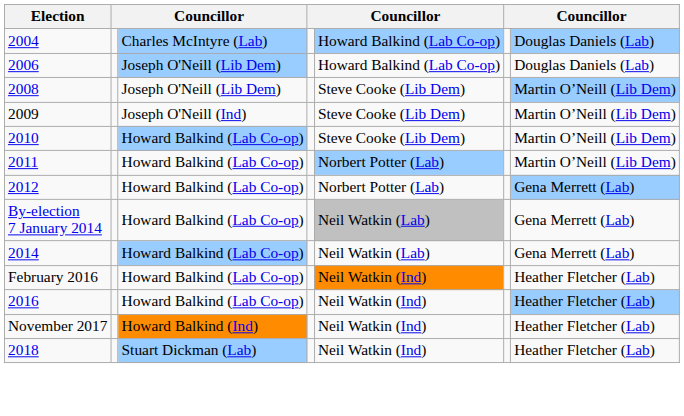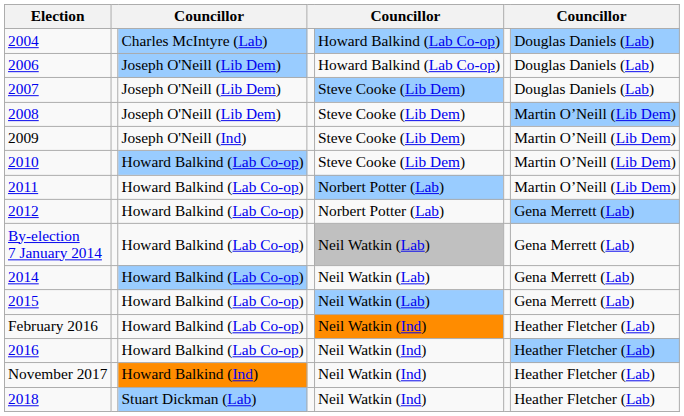 <table class="wikitable">
 <tr>
 <th>Election</th>
 <th colspan="2">Councillor</th>
 <th colspan="2">Councillor</th>
 <th colspan="2">Councillor</th>
 </tr>
 <tr>
 <td><a href='#'>2004</a></td>
 <td style="background-color: "></td>
 <td bgcolor="#99CCFF">Charles McIntyre (<a href='#'>Lab</a>)</td>
 <td style="background-color: "></td>
 <td bgcolor="#99CCFF">Howard Balkind (<a href='#'>Lab Co-op</a>)</td>
 <td style="background-color: "></td>
 <td bgcolor="#99CCFF">Douglas Daniels (<a href='#'>Lab</a>)</td>
 </tr>
 <tr>
 <td><a href='#'>2006</a></td>
 <td style="background-color: "></td>
 <td bgcolor="#99CCFF">Joseph O'Neill (<a href='#'>Lib Dem</a>)</td>
 <td style="background-color: "></td>
 <td>Howard Balkind (<a href='#'>Lab Co-op</a>)</td>
+<td style="background-color: "></td>
+<td>Douglas Daniels (<a href='#'>Lab</a>)</td>
+</tr>
+<tr>
+<td><a href='#'>2007</a></td>
+<td style="background-color: "></td>
+<td>Joseph O'Neill (<a href='#'>Lib Dem</a>)</td>
+<td style="background-color: "></td>
+<td bgcolor="#99CCFF">Steve Cooke (<a href='#'>Lib Dem</a>)</td>
 <td style="background-color: "></td>
 <td>Douglas Daniels (<a href='#'>Lab</a>)</td>
 </tr>
 <tr>
 <td><a href='#'>2008</a></td>
 <td style="background-color: "></td>
 <td>Joseph O'Neill (<a href='#'>Lib Dem</a>)</td>
 <td style="background-color: "></td>
 <td>Steve Cooke (<a href='#'>Lib Dem</a>)</td>
 <td style="background-color: "></td>
 <td bgcolor="#99CCFF">Martin O’Neill (<a href='#'>Lib Dem</a>)</td>
 </tr>
 <tr>
 <td>2009</td>
 <td style="background-color: "></td>
 <td>Joseph O'Neill (<a href='#'>Ind</a>)</td>
 <td style="background-color: "></td>
 <td>Steve Cooke (<a href='#'>Lib Dem</a>)</td>
 <td style="background-color: "></td>
 <td>Martin O’Neill (<a href='#'>Lib Dem</a>)</td>
 </tr>
 <tr>
 <td><a href='#'>2010</a></td>
 <td style="background-color: "></td>
 <td bgcolor="#99CCFF">Howard Balkind (<a href='#'>Lab Co-op</a>)</td>
 <td style="background-color: "></td>
 <td>Steve Cooke (<a href='#'>Lib Dem</a>)</td>
 <td style="background-color: "></td>
 <td>Martin O’Neill (<a href='#'>Lib Dem</a>)</td>
 </tr>
 <tr>
 <td><a href='#'>2011</a></td>
 <td style="background-color: "></td>
 <td>Howard Balkind (<a href='#'>Lab Co-op</a>)</td>
 <td style="background-color: "></td>
 <td bgcolor="#99CCFF">Norbert Potter (<a href='#'>Lab</a>)</td>
 <td style="background-color: "></td>
 <td>Martin O’Neill (<a href='#'>Lib Dem</a>)</td>
 </tr>
 <tr>
 <td><a href='#'>2012</a></td>
 <td style="background-color: "></td>
 <td>Howard Balkind (<a href='#'>Lab Co-op</a>)</td>
 <td style="background-color: "></td>
 <td>Norbert Potter (<a href='#'>Lab</a>)</td>
 <td style="background-color: "></td>
 <td bgcolor="#99CCFF">Gena Merrett (<a href='#'>Lab</a>)</td>
 </tr>
 <tr>
 <td><a href='#'>By-election<br>7 January 2014</a></td>
 <td style="background-color: "></td>
 <td>Howard Balkind (<a href='#'>Lab Co-op</a>)</td>
 <td style="background-color: "></td>
 <td bgcolor="#C0C0C0">Neil Watkin (<a href='#'>Lab</a>)</td>
 <td style="background-color: "></td>
 <td>Gena Merrett (<a href='#'>Lab</a>)</td>
 </tr>
 <tr>
 <td><a href='#'>2014</a></td>
 <td style="background-color: "></td>
 <td bgcolor="#99CCFF">Howard Balkind (<a href='#'>Lab Co-op</a>)</td>
 <td style="background-color: "></td>
 <td>Neil Watkin (<a href='#'>Lab</a>)</td>
 <td style="background-color: "></td>
 <td>Gena Merrett (<a href='#'>Lab</a>)</td>
 </tr>
 <tr>
+<td><a href='#'>2015</a></td>
+<td style="background-color: "></td>
+<td>Howard Balkind (<a href='#'>Lab Co-op</a>)</td>
+<td style="background-color: "></td>
+<td bgcolor="#99CCFF">Neil Watkin (<a href='#'>Lab</a>)</td>
+<td style="background-color: "></td>
+<td>Gena Merrett (<a href='#'>Lab</a>)</td>
+</tr>
+<tr>
 <td>February 2016</td>
 <td style="background-color: "></td>
 <td>Howard Balkind (<a href='#'>Lab Co-op</a>)</td>
 <td style="background-color: "></td>
 <td bgcolor="#FF8C00">Neil Watkin (<a href='#'>Ind</a>)</td>
 <td style="background-color: "></td>
 <td>Heather Fletcher (<a href='#'>Lab</a>)</td>
 </tr>
 <tr>
 <td><a href='#'>2016</a></td>
 <td style="background-color: "></td>
 <td>Howard Balkind (<a href='#'>Lab Co-op</a>)</td>
 <td style="background-color: "></td>
 <td>Neil Watkin (<a href='#'>Ind</a>)</td>
 <td style="background-color: "></td>
 <td bgcolor="#99CCFF">Heather Fletcher (<a href='#'>Lab</a>)</td>
 </tr>
 <tr>
 <td>November 2017</td>
 <td style="background-color: "></td>
 <td bgcolor="#FF8C00">Howard Balkind (<a href='#'>Ind</a>)</td>
 <td style="background-color: "></td>
 <td>Neil Watkin (<a href='#'>Ind</a>)</td>
 <td style="background-color: "></td>
 <td>Heather Fletcher (<a href='#'>Lab</a>)</td>
 </tr>
 <tr>
 <td><a href='#'>2018</a></td>
 <td style="background-color: "></td>
 <td bgcolor="#99CCFF">Stuart Dickman (<a href='#'>Lab</a>)</td>
 <td style="background-color: "></td>
 <td>Neil Watkin (<a href='#'>Ind</a>)</td>
 <td style="background-color: "></td>
 <td>Heather Fletcher (<a href='#'>Lab</a>)</td>
 </tr>
 </table>
